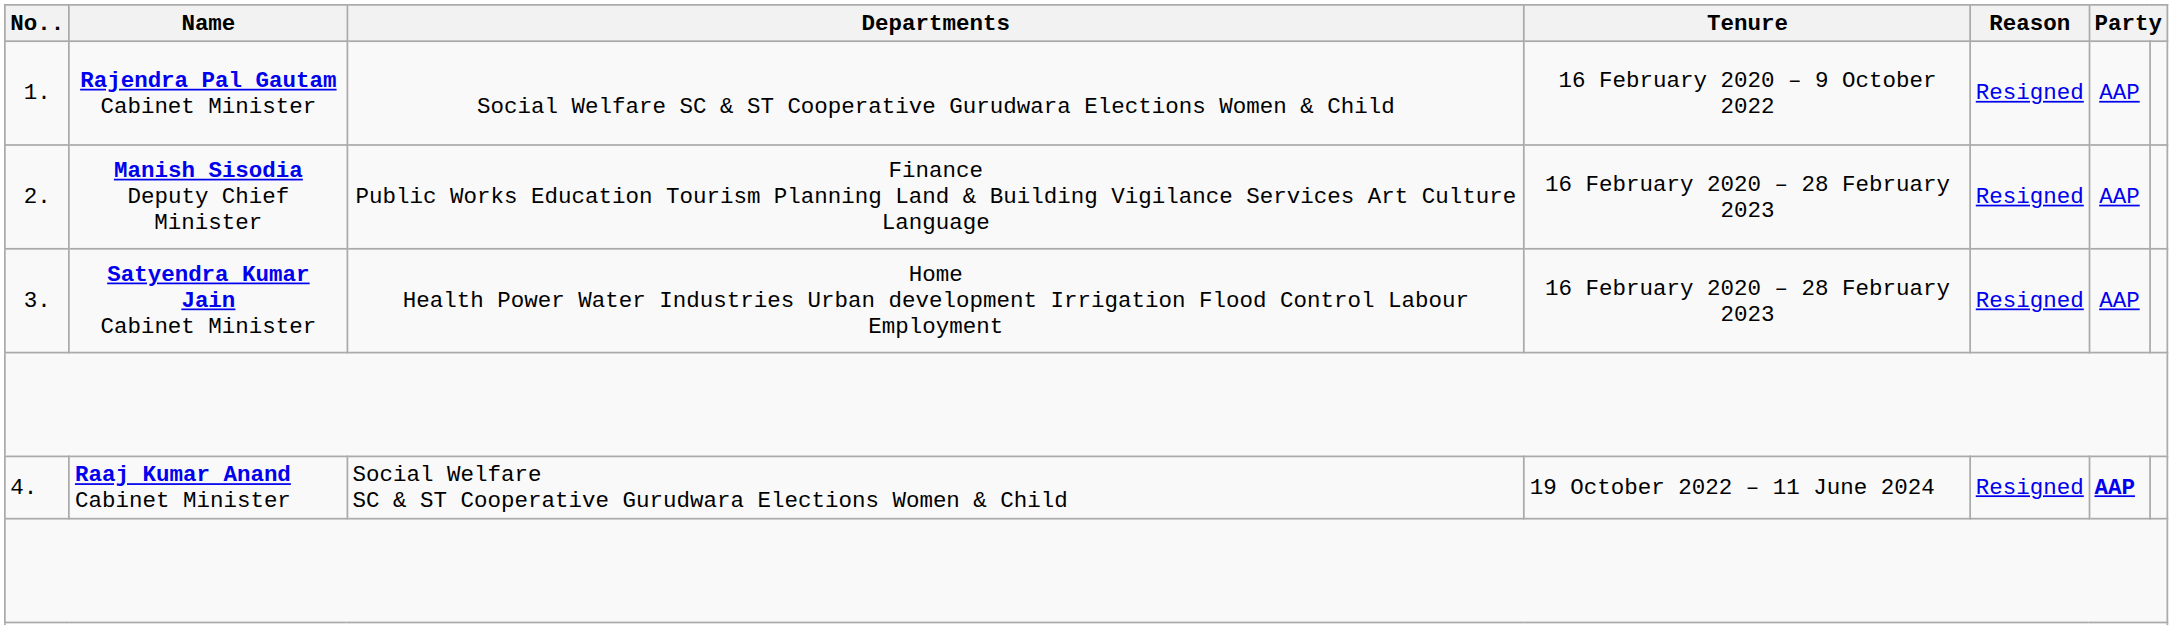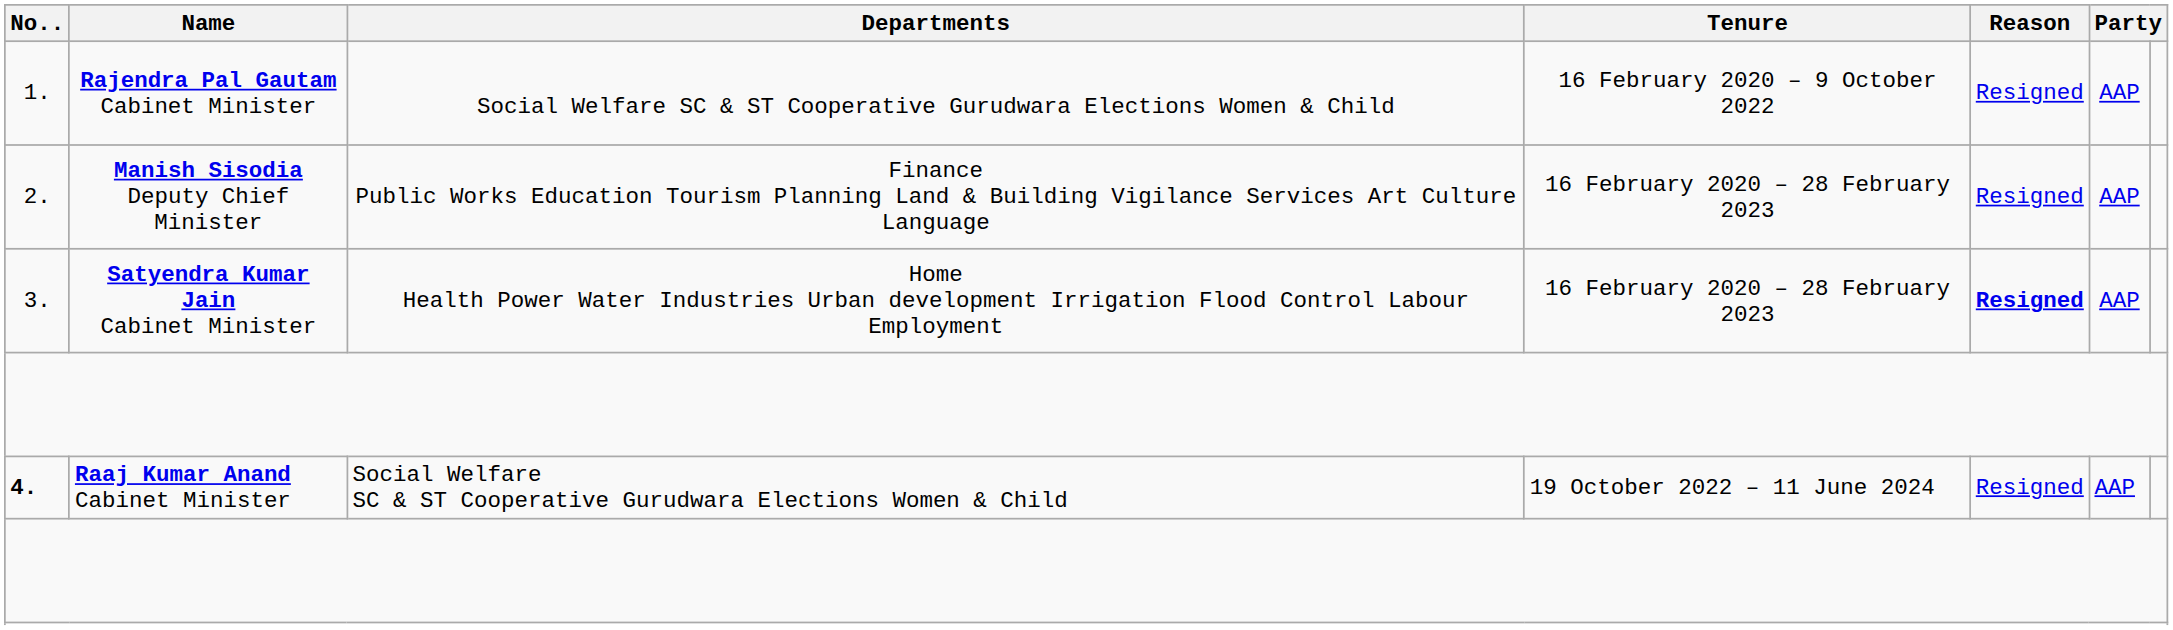 <table class ="wikitable">
 <tr>
 <th>No..</th>
 <th>Name<br></th>
 <th scope="col">Departments</th>
 <th>Tenure</th>
 <th>Reason</th>
 <th colspan="2" scope="col">Party</th>
 </tr>
 <tr style="text-align:center; height:60px;">
 <td>1.</td>
 <td><strong><a href='#'>Rajendra Pal Gautam</a></strong><br>Cabinet Minister<br></td>
 <td scope="col"><br>Social Welfare  SC & ST Cooperative  Gurudwara Elections Women & Child</td>
 <td>16 February 2020 – 9 October 2022</td>
 <td><a href='#'>Resigned</a></td>
 <td><a href='#'>AAP</a></td>
 <td width="4px" style="background-color: "></td>
 </tr>
 <tr style="text-align:center; height:60px;">
 <td>2.</td>
 <td><strong><a href='#'>Manish Sisodia</a></strong><br>Deputy Chief Minister<br></td>
 <td>Finance<br>Public Works Education Tourism Planning Land & Building Vigilance Services Art Culture Language</td>
 <td>16 February 2020 – 28 February 2023</td>
 <td><a href='#'>Resigned</a></td>
 <td><a href='#'>AAP</a></td>
 <td width="4px" style="background-color: "></td>
 </tr>
 <tr style="text-align:center; height:60px;">
 <td>3.</td>
 <td><strong><a href='#'>Satyendra Kumar Jain</a></strong><br>Cabinet Minister<br></td>
 <td>Home<br>Health Power Water Industries Urban development Irrigation Flood Control Labour Employment</td>
 <td>16 February 2020 – 28 February 2023</td>
+<td><strong><a href='#'>Resigned</a></strong></td>
+<td><a href='#'>AAP</a></td>
+<td width="4px" style="background-color: "></td>
+</tr>
+<tr style="text-align:center; height:60px;">
+</tr>
+<tr>
+<td><strong>4.</strong></td>
+<td><strong><a href='#'>Raaj Kumar Anand</a></strong><br>Cabinet Minister<br></td>
+<td>Social Welfare<br>SC & ST  Cooperative  Gurudwara Elections  Women & Child</td>
+<td>19 October 2022 – 11 June 2024</td>
 <td><a href='#'>Resigned</a></td>
 <td><a href='#'>AAP</a></td>
 <td width="4px" style="background-color: "></td>
 </tr>
 <tr style="text-align:center; height:60px;">
 </tr>
 <tr>
-<td>4.</td>
-<td><strong><a href='#'>Raaj Kumar Anand</a></strong><br>Cabinet Minister<br></td>
-<td>Social Welfare<br>SC & ST  Cooperative  Gurudwara Elections  Women & Child</td>
-<td>19 October 2022 – 11 June 2024</td>
-<td><a href='#'>Resigned</a></td>
-<td><strong><a href='#'>AAP</a></strong></td>
-<td width="4px" style="background-color: "></td>
-</tr>
-<tr style="text-align:center; height:60px;">
-</tr>
-<tr>
 </tr>
 </table>
